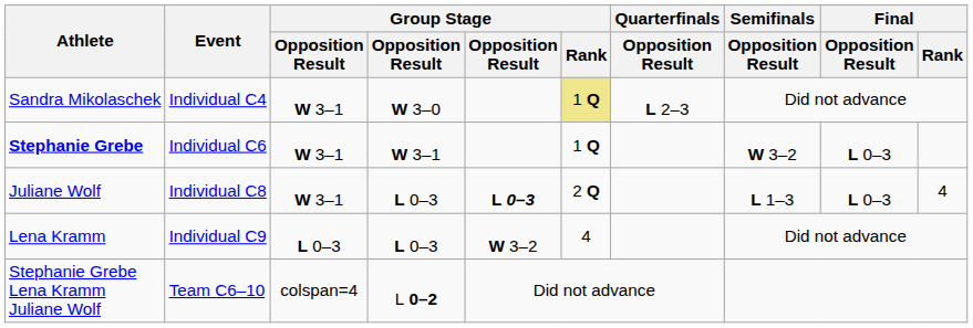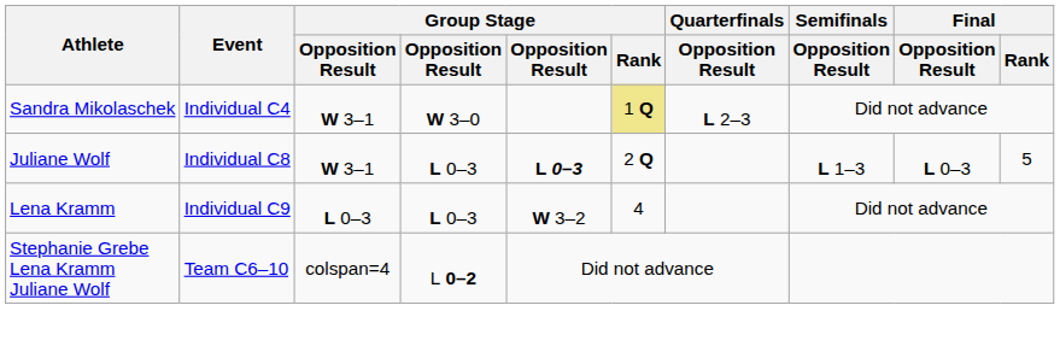 <table class=wikitable style="font-size:90%">
 <tr>
 <th rowspan="2">Athlete</th>
 <th rowspan="2">Event</th>
 <th colspan="4">Group Stage</th>
 <th>Quarterfinals</th>
 <th>Semifinals</th>
 <th colspan="2">Final</th>
 </tr>
 <tr>
 <th>Opposition<br>Result</th>
 <th>Opposition<br>Result</th>
 <th>Opposition<br>Result</th>
 <th>Rank</th>
 <th>Opposition<br>Result</th>
 <th>Opposition<br>Result</th>
 <th>Opposition<br>Result</th>
 <th>Rank</th>
 </tr>
 <tr align=center>
 <td align=left><a href='#'>Sandra Mikolaschek</a></td>
 <td align="left"><a href='#'>Individual C4</a></td>
 <td><br><strong>W</strong> 3–1</td>
 <td><br><strong>W</strong> 3–0</td>
 <td></td>
 <td style="background: khaki;">1 <strong>Q</strong></td>
 <td><br><strong>L</strong> 2–3</td>
 <td colspan=3>Did not advance</td>
 </tr>
 <tr align=center>
-<td align=left><strong><a href='#'>Stephanie Grebe</a></strong></td>
-<td align="left"><a href='#'>Individual C6</a></td>
-<td><br><strong>W</strong> 3–1</td>
-<td><br><strong>W</strong> 3–1</td>
-<td></td>
-<td>1 <strong>Q</strong></td>
-<td></td>
-<td><br><strong>W</strong> 3–2</td>
-<td><br><strong>L</strong> 0–3</td>
-<td></td>
-</tr>
-<tr align=center>
 <td align=left><a href='#'>Juliane Wolf</a></td>
 <td align="left"><a href='#'>Individual C8</a></td>
 <td><br><strong>W</strong> 3–1</td>
 <td><br><strong>L</strong> 0–3</td>
 <td><br><strong>L<em> 0–3</td>
 <td>2 <strong>Q</strong></td>
 <td></td>
 <td><br><strong>L</strong> 1–3</td>
 <td><br><strong>L</strong> 0–3</td>
-<td>4</td>
+<td>5</td>
 </tr>
 <tr align=center>
 <td align=left><a href='#'>Lena Kramm</a></td>
 <td align="left"><a href='#'>Individual C9</a></td>
 <td><br><strong>L</strong> 0–3</td>
 <td><br><strong>L</strong> 0–3</td>
 <td><br><strong>W</strong> 3–2</td>
 <td>4</td>
 <td></td>
 <td colspan=3>Did not advance</td>
 </tr>
 <tr align=center>
 <td align=left><a href='#'>Stephanie Grebe</a><br><a href='#'>Lena Kramm</a><br><a href='#'>Juliane Wolf</a></td>
 <td align="left"><a href='#'>Team C6–10</a></td>
 <td>colspan=4</td>
 <td><br></strong>L<strong> 0–2</td>
 <td colspan=3>Did not advance</td>
 </tr>
 </table>
